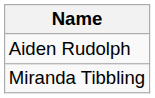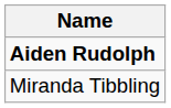 <table class="wikitable">
 <tr>
 <th>Name</th>
 </tr>
 <tr>
-<td> Aiden Rudolph</td>
+<td><strong> Aiden Rudolph</strong></td>
 </tr>
 <tr>
 <td> Miranda Tibbling</td>
 </tr>
 </table>
